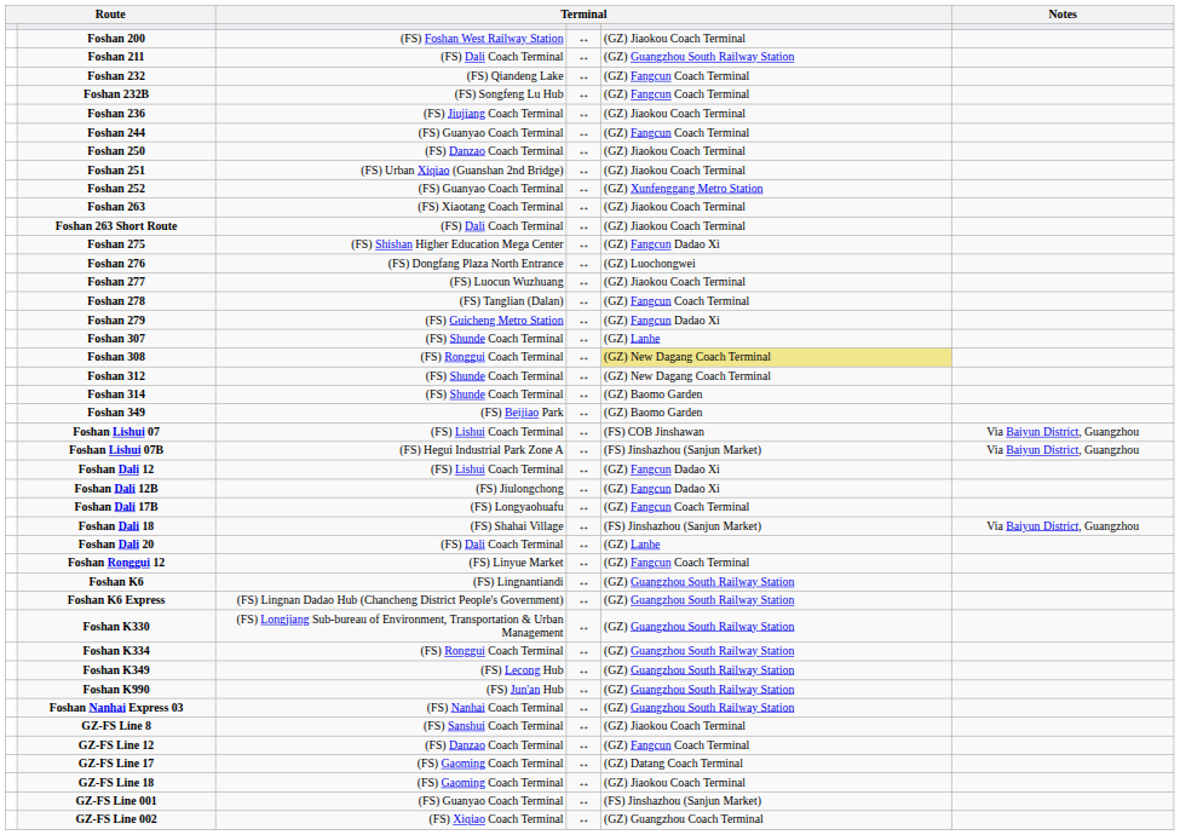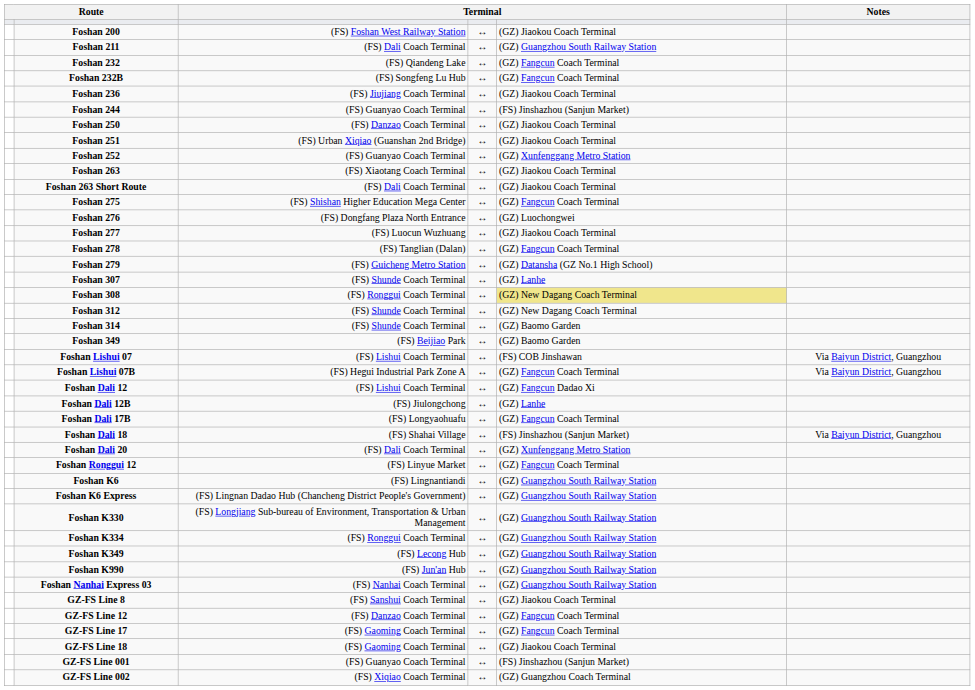 <table class="wikitable sortable" style="width:100%; text-align:center;">
 <tr>
 <th colspan="2" width="18%">Route</th>
 <th colspan="3">Terminal</th>
 <th width="19%">Notes</th>
 </tr>
 <tr style="background:#EAECF0" height=0>
 <td width="1%"></td>
 <td></td>
 <td width="30%"></td>
 <td></td>
 <td width="30%"></td>
 <td></td>
 </tr>
 <tr>
 <td style="background:white"></td>
 <td><strong>Foshan 200</strong></td>
 <td align=right>(FS) <a href='#'>Foshan West Railway Station</a></td>
 <td>↔</td>
 <td align=left>(GZ) Jiaokou Coach Terminal</td>
 <td></td>
 </tr>
 <tr>
 <td style="background:white"></td>
 <td><strong>Foshan 211</strong></td>
 <td align=right>(FS) <a href='#'>Dali</a> Coach Terminal</td>
 <td>↔</td>
 <td align=left>(GZ) <a href='#'>Guangzhou South Railway Station</a></td>
 <td></td>
 </tr>
 <tr>
 <td style="background:white"></td>
 <td><strong>Foshan 232</strong></td>
 <td align=right>(FS) Qiandeng Lake</td>
 <td>↔</td>
 <td align=left>(GZ) <a href='#'>Fangcun</a> Coach Terminal</td>
 <td></td>
 </tr>
 <tr>
 <td style="background:white"></td>
 <td><strong>Foshan 232B</strong></td>
 <td align=right>(FS) Songfeng Lu Hub</td>
 <td>↔</td>
 <td align=left>(GZ) <a href='#'>Fangcun</a> Coach Terminal</td>
 <td></td>
 </tr>
 <tr>
 <td style="background:white"></td>
 <td><strong>Foshan 236</strong></td>
 <td align=right>(FS) <a href='#'>Jiujiang</a> Coach Terminal</td>
 <td>↔</td>
 <td align=left>(GZ) Jiaokou Coach Terminal</td>
 <td></td>
 </tr>
 <tr>
 <td style="background:white"></td>
 <td><strong>Foshan 244</strong></td>
 <td align=right>(FS) Guanyao Coach Terminal</td>
 <td>↔</td>
-<td align=left>(GZ) <a href='#'>Fangcun</a> Coach Terminal</td>
+<td align=left>(FS) Jinshazhou (Sanjun Market)</td>
 <td></td>
 </tr>
 <tr>
 <td style="background:white"></td>
 <td><strong>Foshan 250</strong></td>
 <td align=right>(FS) <a href='#'>Danzao</a> Coach Terminal</td>
 <td>↔</td>
 <td align=left>(GZ) Jiaokou Coach Terminal</td>
 <td></td>
 </tr>
 <tr>
 <td style="background:white"></td>
 <td><strong>Foshan 251</strong></td>
 <td align=right>(FS) Urban <a href='#'>Xiqiao</a> (Guanshan 2nd Bridge)</td>
 <td>↔</td>
 <td align=left>(GZ) Jiaokou Coach Terminal</td>
 <td></td>
 </tr>
 <tr>
 <td style="background:white"></td>
 <td><strong>Foshan 252</strong></td>
 <td align=right>(FS) Guanyao Coach Terminal</td>
 <td>↔</td>
 <td align=left>(GZ) <a href='#'>Xunfenggang Metro Station</a></td>
 <td></td>
 </tr>
 <tr>
 <td style="background:white"></td>
 <td><strong>Foshan 263</strong></td>
 <td align=right>(FS) Xiaotang Coach Terminal</td>
 <td>↔</td>
 <td align=left>(GZ) Jiaokou Coach Terminal</td>
 <td></td>
 </tr>
 <tr>
 <td style="background:white"></td>
 <td><strong>Foshan 263 Short Route</strong></td>
 <td align=right>(FS) <a href='#'>Dali</a> Coach Terminal</td>
 <td>↔</td>
 <td align=left>(GZ) Jiaokou Coach Terminal</td>
 <td></td>
 </tr>
 <tr>
 <td style="background:white"></td>
 <td><strong>Foshan 275</strong></td>
 <td align=right>(FS) <a href='#'>Shishan</a> Higher Education Mega Center</td>
 <td>↔</td>
-<td align=left>(GZ) <a href='#'>Fangcun</a> Dadao Xi</td>
+<td align=left>(GZ) <a href='#'>Fangcun</a> Coach Terminal</td>
 <td></td>
 </tr>
 <tr>
 <td style="background:white"></td>
 <td><strong>Foshan 276</strong></td>
 <td align=right>(FS) Dongfang Plaza North Entrance</td>
 <td>↔</td>
 <td align=left>(GZ) Luochongwei</td>
 <td></td>
 </tr>
 <tr>
 <td style="background:white"></td>
 <td><strong>Foshan 277</strong></td>
 <td align=right>(FS) Luocun Wuzhuang</td>
 <td>↔</td>
 <td align=left>(GZ) Jiaokou Coach Terminal</td>
 <td></td>
 </tr>
 <tr>
 <td style="background:white"></td>
 <td><strong>Foshan 278</strong></td>
 <td align=right>(FS) Tanglian (Dalan)</td>
 <td>↔</td>
 <td align=left>(GZ) <a href='#'>Fangcun</a> Coach Terminal</td>
 <td></td>
 </tr>
 <tr>
 <td style="background:white"></td>
 <td><strong>Foshan 279</strong></td>
 <td align=right>(FS) <a href='#'>Guicheng Metro Station</a></td>
 <td>↔</td>
-<td align=left>(GZ) <a href='#'>Fangcun</a> Dadao Xi</td>
+<td align=left>(GZ) <a href='#'>Datansha</a> (GZ No.1 High School)</td>
 <td></td>
 </tr>
 <tr>
 <td style="background:white"></td>
 <td><strong>Foshan 307</strong></td>
 <td align=right>(FS) <a href='#'>Shunde</a> Coach Terminal</td>
 <td>↔</td>
 <td align=left>(GZ) <a href='#'>Lanhe</a></td>
 <td></td>
 </tr>
 <tr>
 <td style="background:white"></td>
 <td><strong>Foshan 308</strong></td>
 <td align=right>(FS) <a href='#'>Ronggui</a> Coach Terminal</td>
 <td>↔</td>
 <td align=left style="background: khaki;">(GZ) New Dagang Coach Terminal</td>
 <td></td>
 </tr>
 <tr>
 <td style="background:white"></td>
 <td><strong>Foshan 312</strong></td>
 <td align=right>(FS) <a href='#'>Shunde</a> Coach Terminal</td>
 <td>↔</td>
 <td align=left>(GZ) New Dagang Coach Terminal</td>
 <td></td>
 </tr>
 <tr>
 <td style="background:white"></td>
 <td><strong>Foshan 314</strong></td>
 <td align=right>(FS) <a href='#'>Shunde</a> Coach Terminal</td>
 <td>↔</td>
 <td align=left>(GZ) Baomo Garden</td>
 <td></td>
 </tr>
 <tr>
 <td style="background:white"></td>
 <td><strong>Foshan 349</strong></td>
 <td align=right>(FS) <a href='#'>Beijiao</a> Park</td>
 <td>↔</td>
 <td align=left>(GZ) Baomo Garden</td>
 <td></td>
 </tr>
 <tr>
 <td style="background:white"></td>
 <td><strong>Foshan <a href='#'>Lishui</a> 07</strong></td>
 <td align=right>(FS) <a href='#'>Lishui</a> Coach Terminal</td>
 <td>↔</td>
 <td align=left>(FS) COB Jinshawan</td>
 <td>Via <a href='#'>Baiyun District</a>, Guangzhou</td>
 </tr>
 <tr>
 <td style="background:white"></td>
 <td><strong>Foshan <a href='#'>Lishui</a> 07B</strong></td>
 <td align=right>(FS) Hegui Industrial Park Zone A</td>
 <td>↔</td>
-<td align=left>(FS) Jinshazhou (Sanjun Market)</td>
+<td align=left>(GZ) <a href='#'>Fangcun</a> Coach Terminal</td>
 <td>Via <a href='#'>Baiyun District</a>, Guangzhou</td>
 </tr>
 <tr>
 <td style="background:white"></td>
 <td><strong>Foshan <a href='#'>Dali</a> 12</strong></td>
 <td align=right>(FS) <a href='#'>Lishui</a> Coach Terminal</td>
 <td>↔</td>
 <td align=left>(GZ) <a href='#'>Fangcun</a> Dadao Xi</td>
 <td></td>
 </tr>
 <tr>
 <td style="background:white"></td>
 <td><strong>Foshan <a href='#'>Dali</a> 12B</strong></td>
 <td align=right>(FS) Jiulongchong</td>
 <td>↔</td>
-<td align=left>(GZ) <a href='#'>Fangcun</a> Dadao Xi</td>
+<td align=left>(GZ) <a href='#'>Lanhe</a></td>
 <td></td>
 </tr>
 <tr>
 <td style="background:white"></td>
 <td><strong>Foshan <a href='#'>Dali</a> 17B</strong></td>
 <td align=right>(FS) Longyaohuafu</td>
 <td>↔</td>
 <td align=left>(GZ) <a href='#'>Fangcun</a> Coach Terminal</td>
 <td></td>
 </tr>
 <tr>
 <td style="background:white"></td>
 <td><strong>Foshan <a href='#'>Dali</a> 18</strong></td>
 <td align=right>(FS) Shahai Village</td>
 <td>↔</td>
 <td align=left>(FS) Jinshazhou (Sanjun Market)</td>
 <td>Via <a href='#'>Baiyun District</a>, Guangzhou</td>
 </tr>
 <tr>
 <td style="background:white"></td>
 <td><strong>Foshan <a href='#'>Dali</a> 20</strong></td>
 <td align=right>(FS) <a href='#'>Dali</a> Coach Terminal</td>
 <td>↔</td>
-<td align=left>(GZ) <a href='#'>Lanhe</a></td>
+<td align=left>(GZ) <a href='#'>Xunfenggang Metro Station</a></td>
 <td></td>
 </tr>
 <tr>
 <td style="background:white"></td>
 <td><strong>Foshan <a href='#'>Ronggui</a> 12</strong></td>
 <td align=right>(FS) Linyue Market</td>
 <td>↔</td>
 <td align=left>(GZ) <a href='#'>Fangcun</a> Coach Terminal</td>
 <td></td>
 </tr>
 <tr>
 <td style="background:white"></td>
 <td><strong>Foshan K6</strong></td>
 <td align=right>(FS) Lingnantiandi</td>
 <td>↔</td>
 <td align=left>(GZ) <a href='#'>Guangzhou South Railway Station</a></td>
 <td></td>
 </tr>
 <tr>
 <td style="background:white"></td>
 <td><strong>Foshan K6 Express</strong></td>
 <td align=right>(FS) Lingnan Dadao Hub (Chancheng District People's Government)</td>
 <td>↔</td>
 <td align=left>(GZ) <a href='#'>Guangzhou South Railway Station</a></td>
 <td></td>
 </tr>
 <tr>
 <td style="background:white"></td>
 <td><strong>Foshan K330</strong></td>
 <td align=right>(FS) <a href='#'>Longjiang</a> Sub-bureau of Environment, Transportation & Urban Management</td>
 <td>↔</td>
 <td align=left>(GZ) <a href='#'>Guangzhou South Railway Station</a></td>
 <td></td>
 </tr>
 <tr>
 <td style="background:white"></td>
 <td><strong>Foshan K334</strong></td>
 <td align=right>(FS) <a href='#'>Ronggui</a> Coach Terminal</td>
 <td>↔</td>
 <td align=left>(GZ) <a href='#'>Guangzhou South Railway Station</a></td>
 <td></td>
 </tr>
 <tr>
 <td style="background:white"></td>
 <td><strong>Foshan K349</strong></td>
 <td align=right>(FS) <a href='#'>Lecong</a> Hub</td>
 <td>↔</td>
 <td align=left>(GZ) <a href='#'>Guangzhou South Railway Station</a></td>
 <td></td>
 </tr>
 <tr>
 <td style="background:white"></td>
 <td><strong>Foshan K990</strong></td>
 <td align=right>(FS) <a href='#'>Jun'an</a> Hub</td>
 <td>↔</td>
 <td align=left>(GZ) <a href='#'>Guangzhou South Railway Station</a></td>
 <td></td>
 </tr>
 <tr>
 <td style="background:white"></td>
 <td><strong>Foshan <a href='#'>Nanhai</a> Express 03</strong></td>
 <td align=right>(FS) <a href='#'>Nanhai</a> Coach Terminal</td>
 <td>↔</td>
 <td align=left>(GZ) <a href='#'>Guangzhou South Railway Station</a></td>
 <td></td>
 </tr>
 <tr>
 <td style="background:white"></td>
 <td><strong>GZ-FS Line 8</strong></td>
 <td align=right>(FS) <a href='#'>Sanshui</a> Coach Terminal</td>
 <td>↔</td>
 <td align=left>(GZ) Jiaokou Coach Terminal</td>
 <td></td>
 </tr>
 <tr>
 <td style="background:white"></td>
 <td><strong>GZ-FS Line 12</strong></td>
 <td align=right>(FS) <a href='#'>Danzao</a> Coach Terminal</td>
 <td>↔</td>
 <td align=left>(GZ) <a href='#'>Fangcun</a> Coach Terminal</td>
 <td></td>
 </tr>
 <tr>
 <td style="background:white"></td>
 <td><strong>GZ-FS Line 17</strong></td>
 <td align=right>(FS) <a href='#'>Gaoming</a> Coach Terminal</td>
 <td>↔</td>
-<td align=left>(GZ) Datang Coach Terminal</td>
+<td align=left>(GZ) <a href='#'>Fangcun</a> Coach Terminal</td>
 <td></td>
 </tr>
 <tr>
 <td style="background:white"></td>
 <td><strong>GZ-FS Line 18</strong></td>
 <td align=right>(FS) <a href='#'>Gaoming</a> Coach Terminal</td>
 <td>↔</td>
 <td align=left>(GZ) Jiaokou Coach Terminal</td>
 <td></td>
 </tr>
 <tr>
 <td style="background:white"></td>
 <td><strong>GZ-FS Line 001</strong></td>
 <td align=right>(FS) Guanyao Coach Terminal</td>
 <td>↔</td>
 <td align=left>(FS) Jinshazhou (Sanjun Market)</td>
 <td></td>
 </tr>
 <tr>
 <td style="background:white"></td>
 <td><strong>GZ-FS Line 002</strong></td>
 <td align=right>(FS) <a href='#'>Xiqiao</a> Coach Terminal</td>
 <td>↔</td>
 <td align=left>(GZ) Guangzhou Coach Terminal</td>
 <td></td>
 </tr>
 </table>
